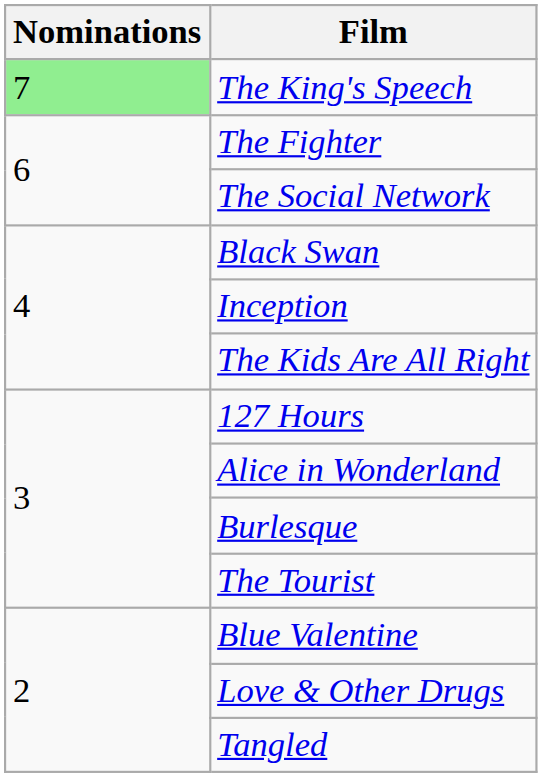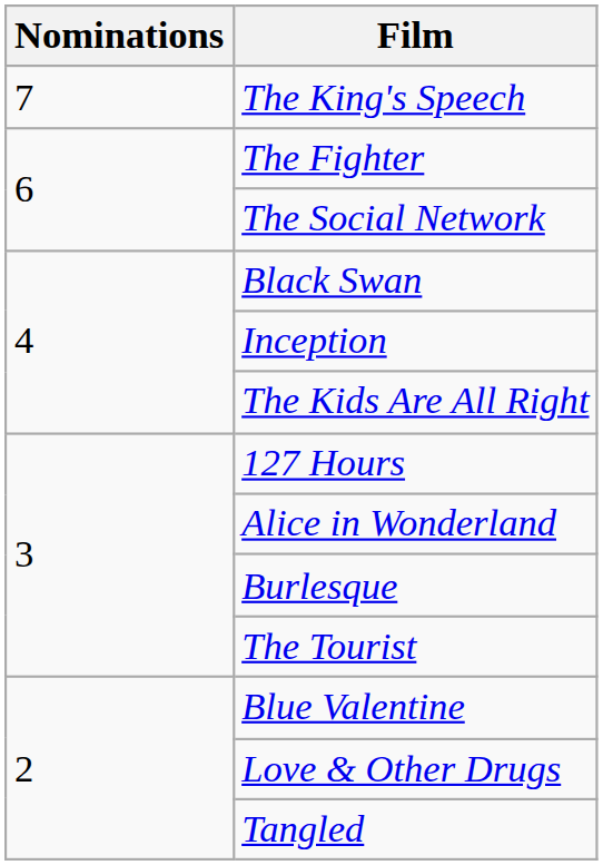 <table class="wikitable">
 <tr>
 <th>Nominations</th>
 <th>Film</th>
 </tr>
 <tr>
-<td style="background: lightgreen;">7</td>
+<td>7</td>
 <td><em><a href='#'>The King's Speech</a></em></td>
 </tr>
 <tr>
 <td rowspan="2">6</td>
 <td><em><a href='#'>The Fighter</a></em></td>
 </tr>
 <tr>
 <td><em><a href='#'>The Social Network</a></em></td>
 </tr>
 <tr>
 <td rowspan="3">4</td>
 <td><em><a href='#'>Black Swan</a></em></td>
 </tr>
 <tr>
 <td><em><a href='#'>Inception</a></em></td>
 </tr>
 <tr>
 <td><em><a href='#'>The Kids Are All Right</a></em></td>
 </tr>
 <tr>
 <td rowspan="4">3</td>
 <td><em><a href='#'>127 Hours</a></em></td>
 </tr>
 <tr>
 <td><em><a href='#'>Alice in Wonderland</a></em></td>
 </tr>
 <tr>
 <td><em><a href='#'>Burlesque</a></em></td>
 </tr>
 <tr>
 <td><em><a href='#'>The Tourist</a></em></td>
 </tr>
 <tr>
 <td rowspan="3">2</td>
 <td><em><a href='#'>Blue Valentine</a></em></td>
 </tr>
 <tr>
 <td><em><a href='#'>Love & Other Drugs</a></em></td>
 </tr>
 <tr>
 <td><em><a href='#'>Tangled</a></em></td>
 </tr>
 </table>
